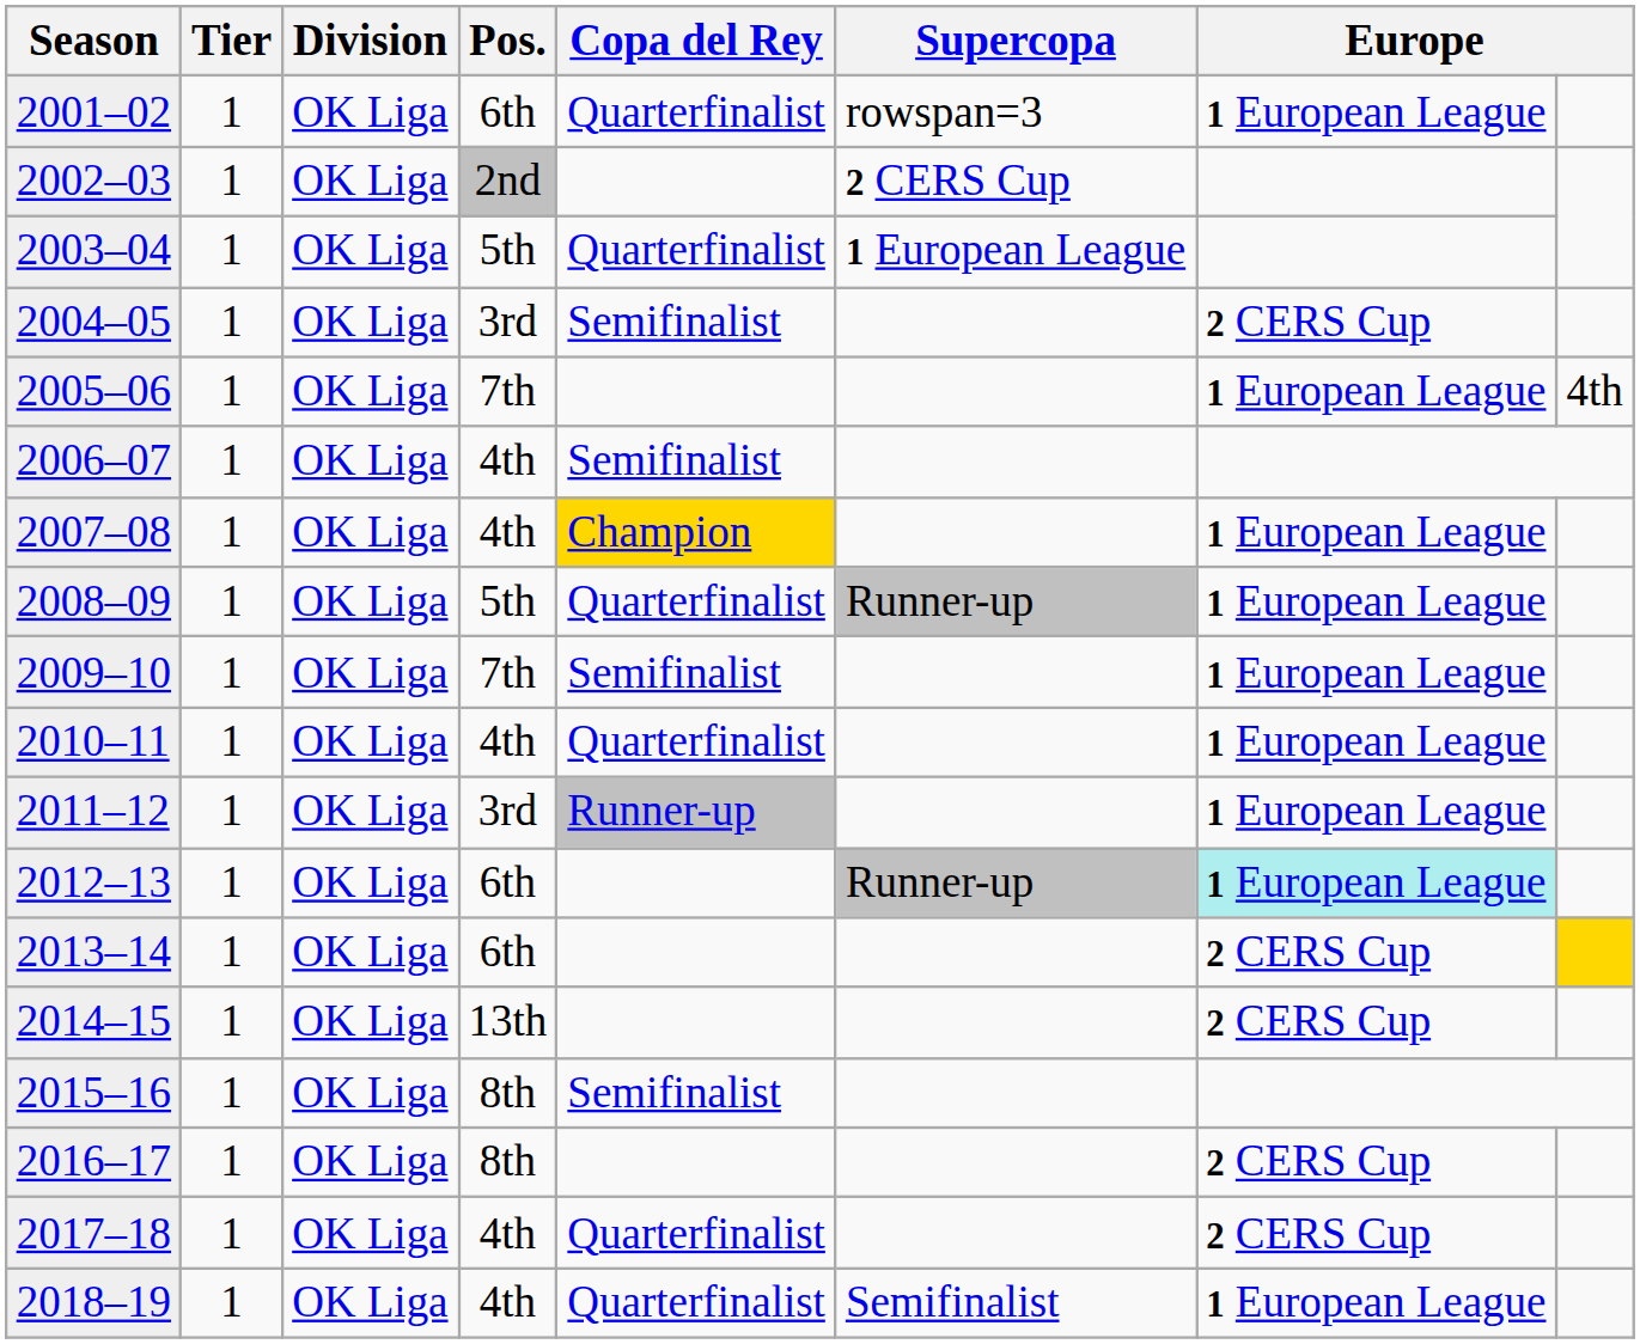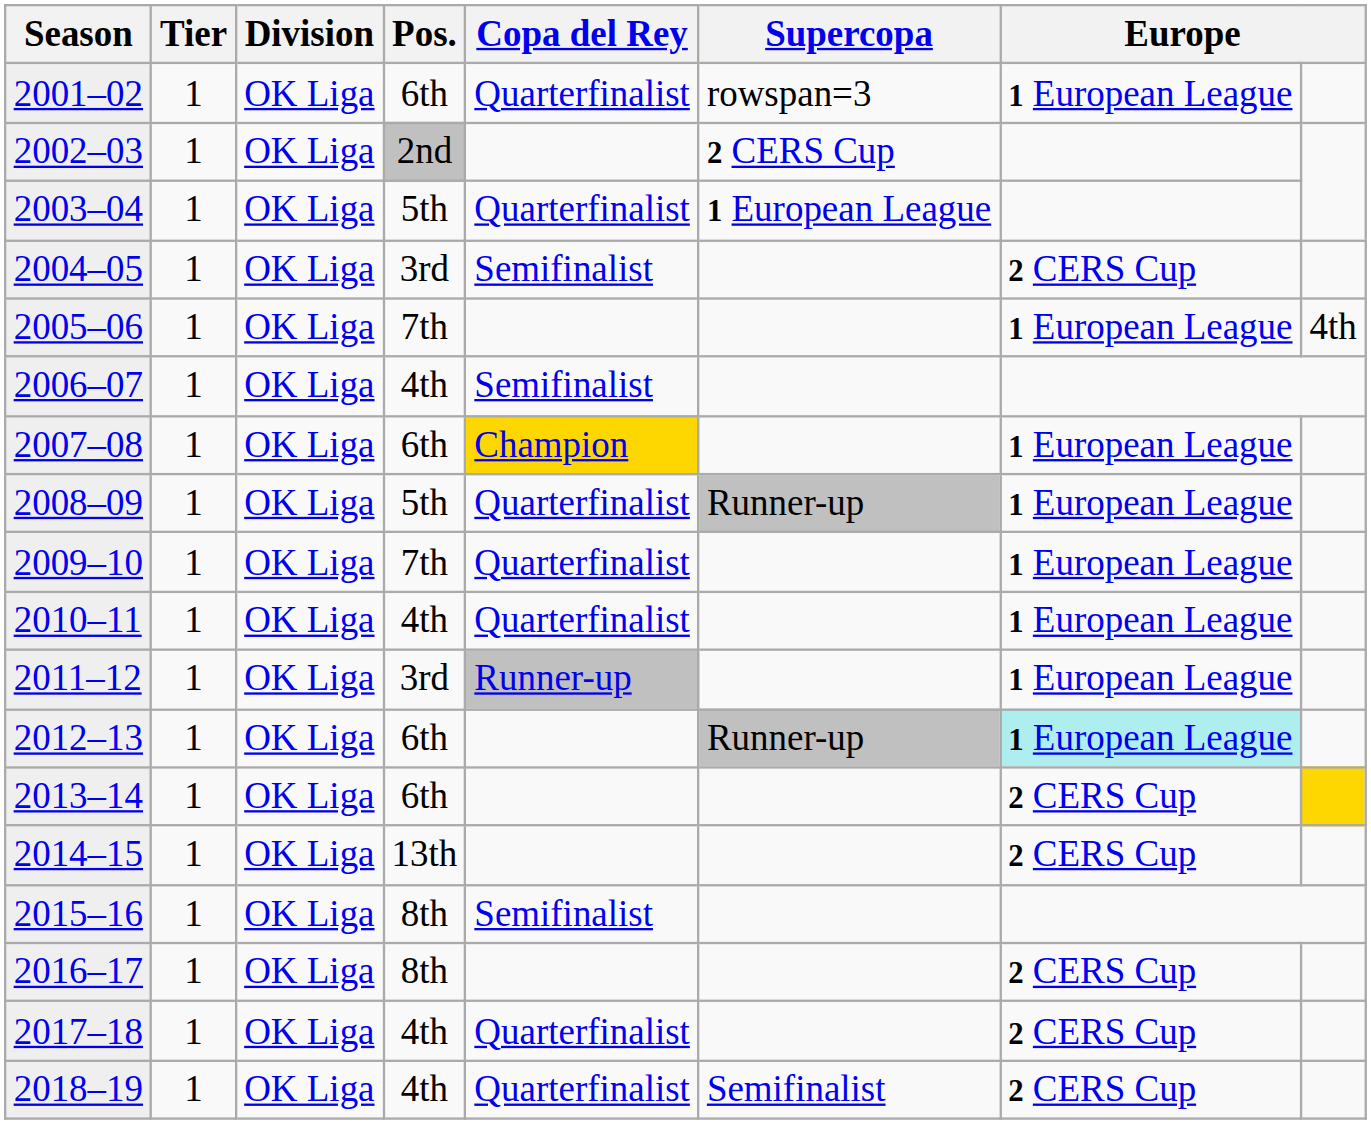 <table class="wikitable">
 <tr>
 <th>Season</th>
 <th>Tier</th>
 <th>Division</th>
 <th>Pos.</th>
 <th><a href='#'>Copa del Rey</a></th>
 <th><a href='#'>Supercopa</a></th>
 <th colspan=2>Europe</th>
 </tr>
 <tr>
 <td style="background:#efefef;"><a href='#'>2001–02</a></td>
 <td align="center">1</td>
 <td><a href='#'>OK Liga</a></td>
 <td align="center">6th</td>
 <td><a href='#'>Quarterfinalist</a></td>
 <td>rowspan=3 </td>
 <td><small><strong>1</strong></small> <a href='#'>European League</a></td>
 <td align=center></td>
 </tr>
 <tr>
 <td style="background:#efefef;"><a href='#'>2002–03</a></td>
 <td align="center">1</td>
 <td><a href='#'>OK Liga</a></td>
 <td align="center" bgcolor=silver>2nd</td>
 <td></td>
 <td><small><strong>2</strong></small> <a href='#'>CERS Cup</a></td>
 <td align=center></td>
 </tr>
 <tr>
 <td style="background:#efefef;"><a href='#'>2003–04</a></td>
 <td align="center">1</td>
 <td><a href='#'>OK Liga</a></td>
 <td align="center">5th</td>
 <td><a href='#'>Quarterfinalist</a></td>
 <td><small><strong>1</strong></small> <a href='#'>European League</a></td>
 <td align=center></td>
 </tr>
 <tr>
 <td style="background:#efefef;"><a href='#'>2004–05</a></td>
 <td align="center">1</td>
 <td><a href='#'>OK Liga</a></td>
 <td align="center">3rd</td>
 <td><a href='#'>Semifinalist</a></td>
 <td></td>
 <td><small><strong>2</strong></small> <a href='#'>CERS Cup</a></td>
 <td align=center></td>
 </tr>
 <tr>
 <td style="background:#efefef;"><a href='#'>2005–06</a></td>
 <td align="center">1</td>
 <td><a href='#'>OK Liga</a></td>
 <td align="center">7th</td>
 <td></td>
 <td></td>
 <td><small><strong>1</strong></small> <a href='#'>European League</a></td>
 <td align=center>4th</td>
 </tr>
 <tr>
 <td style="background:#efefef;"><a href='#'>2006–07</a></td>
 <td align="center">1</td>
 <td><a href='#'>OK Liga</a></td>
 <td align="center">4th</td>
 <td><a href='#'>Semifinalist</a></td>
 <td></td>
 <td colspan=2></td>
 </tr>
 <tr>
 <td style="background:#efefef;"><a href='#'>2007–08</a></td>
 <td align="center">1</td>
 <td><a href='#'>OK Liga</a></td>
-<td align="center">4th</td>
+<td align="center">6th</td>
 <td bgcolor=gold><a href='#'>Champion</a></td>
 <td></td>
 <td><small><strong>1</strong></small> <a href='#'>European League</a></td>
 <td align=center></td>
 </tr>
 <tr>
 <td style="background:#efefef;"><a href='#'>2008–09</a></td>
 <td align="center">1</td>
 <td><a href='#'>OK Liga</a></td>
 <td align="center">5th</td>
 <td><a href='#'>Quarterfinalist</a></td>
 <td bgcolor=silver>Runner-up</td>
 <td><small><strong>1</strong></small> <a href='#'>European League</a></td>
 <td align=center></td>
 </tr>
 <tr>
 <td style="background:#efefef;"><a href='#'>2009–10</a></td>
 <td align="center">1</td>
 <td><a href='#'>OK Liga</a></td>
 <td align="center">7th</td>
-<td><a href='#'>Semifinalist</a></td>
+<td><a href='#'>Quarterfinalist</a></td>
 <td></td>
 <td><small><strong>1</strong></small> <a href='#'>European League</a></td>
 <td align=center></td>
 </tr>
 <tr>
 <td style="background:#efefef;"><a href='#'>2010–11</a></td>
 <td align="center">1</td>
 <td><a href='#'>OK Liga</a></td>
 <td align="center">4th</td>
 <td><a href='#'>Quarterfinalist</a></td>
 <td></td>
 <td><small><strong>1</strong></small> <a href='#'>European League</a></td>
 <td align=center></td>
 </tr>
 <tr>
 <td style="background:#efefef;"><a href='#'>2011–12</a></td>
 <td align="center">1</td>
 <td><a href='#'>OK Liga</a></td>
 <td align="center">3rd</td>
 <td bgcolor=silver><a href='#'>Runner-up</a></td>
 <td></td>
 <td><small><strong>1</strong></small> <a href='#'>European League</a></td>
 <td align=center></td>
 </tr>
 <tr>
 <td style="background:#efefef;"><a href='#'>2012–13</a></td>
 <td align="center">1</td>
 <td><a href='#'>OK Liga</a></td>
 <td align="center">6th</td>
 <td></td>
 <td bgcolor=silver>Runner-up</td>
 <td style="background: paleturquoise;"><small><strong>1</strong></small> <a href='#'>European League</a></td>
 <td align=center></td>
 </tr>
 <tr>
 <td style="background:#efefef;"><a href='#'>2013–14</a></td>
 <td align="center">1</td>
 <td><a href='#'>OK Liga</a></td>
 <td align="center">6th</td>
 <td></td>
 <td></td>
 <td><small><strong>2</strong></small> <a href='#'>CERS Cup</a></td>
 <td bgcolor=gold align=center></td>
 </tr>
 <tr>
 <td style="background:#efefef;"><a href='#'>2014–15</a></td>
 <td align="center">1</td>
 <td><a href='#'>OK Liga</a></td>
 <td align="center">13th</td>
 <td></td>
 <td></td>
 <td><small><strong>2</strong></small> <a href='#'>CERS Cup</a></td>
 <td align=center></td>
 </tr>
 <tr>
 <td style="background:#efefef;"><a href='#'>2015–16</a></td>
 <td align="center">1</td>
 <td><a href='#'>OK Liga</a></td>
 <td align="center">8th</td>
 <td><a href='#'>Semifinalist</a></td>
 <td></td>
 <td colspan=2></td>
 </tr>
 <tr>
 <td style="background:#efefef;"><a href='#'>2016–17</a></td>
 <td align="center">1</td>
 <td><a href='#'>OK Liga</a></td>
 <td align="center">8th</td>
 <td></td>
 <td></td>
 <td><small><strong>2</strong></small> <a href='#'>CERS Cup</a></td>
 <td align=center></td>
 </tr>
 <tr>
 <td style="background:#efefef;"><a href='#'>2017–18</a></td>
 <td align="center">1</td>
 <td><a href='#'>OK Liga</a></td>
 <td align=center>4th</td>
 <td><a href='#'>Quarterfinalist</a></td>
 <td></td>
 <td><small><strong>2</strong></small> <a href='#'>CERS Cup</a></td>
 <td align=center></td>
 </tr>
 <tr>
 <td style="background:#efefef;"><a href='#'>2018–19</a></td>
 <td align="center">1</td>
 <td><a href='#'>OK Liga</a></td>
 <td align=center>4th</td>
 <td><a href='#'>Quarterfinalist</a></td>
 <td><a href='#'>Semifinalist</a></td>
-<td><small><strong>1</strong></small> <a href='#'>European League</a></td>
+<td><small><strong>2</strong></small> <a href='#'>CERS Cup</a></td>
 <td align=center></td>
 </tr>
 </table>
